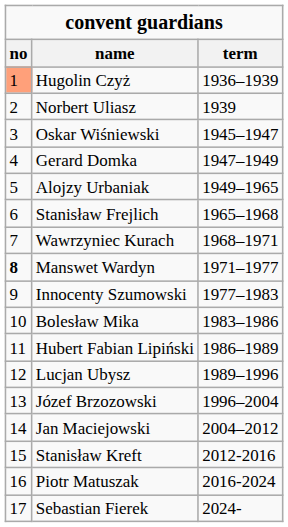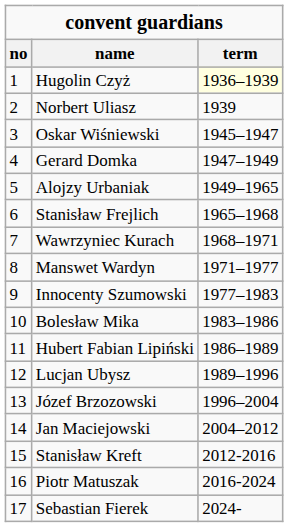 <table class=wikitable style="text-align:left; font-size:11px; float:left; margin:5px">
 <tr style="font-size: small;">
 <td colspan="12" style="text-align:center;"><strong>convent guardians</strong></td>
 </tr>
 <tr>
 <th>no</th>
 <th>name</th>
 <th>term</th>
 </tr>
 <tr>
-<td style="background: lightsalmon;">1</td>
+<td>1</td>
 <td>Hugolin Czyż</td>
-<td>1936–1939</td>
+<td style="background: lightyellow;">1936–1939</td>
 </tr>
 <tr>
 <td>2</td>
 <td>Norbert Uliasz</td>
 <td>1939</td>
 </tr>
 <tr>
 <td>3</td>
 <td>Oskar Wiśniewski</td>
 <td>1945–1947</td>
 </tr>
 <tr>
 <td>4</td>
 <td>Gerard Domka</td>
 <td>1947–1949</td>
 </tr>
 <tr>
 <td>5</td>
 <td>Alojzy Urbaniak</td>
 <td>1949–1965</td>
 </tr>
 <tr>
 <td>6</td>
 <td>Stanisław Frejlich</td>
 <td>1965–1968</td>
 </tr>
 <tr>
 <td>7</td>
 <td>Wawrzyniec Kurach</td>
 <td>1968–1971</td>
 </tr>
 <tr>
-<td><strong>8</strong></td>
+<td>8</td>
 <td>Manswet Wardyn</td>
 <td>1971–1977</td>
 </tr>
 <tr>
 <td>9</td>
 <td>Innocenty Szumowski</td>
 <td>1977–1983</td>
 </tr>
 <tr>
 <td>10</td>
 <td>Bolesław Mika</td>
 <td>1983–1986</td>
 </tr>
 <tr>
 <td>11</td>
 <td>Hubert Fabian Lipiński</td>
 <td>1986–1989</td>
 </tr>
 <tr>
 <td>12</td>
 <td>Lucjan Ubysz</td>
 <td>1989–1996</td>
 </tr>
 <tr>
 <td>13</td>
 <td>Józef Brzozowski</td>
 <td>1996–2004</td>
 </tr>
 <tr>
 <td>14</td>
 <td>Jan Maciejowski</td>
 <td>2004–2012</td>
 </tr>
 <tr>
 <td>15</td>
 <td>Stanisław Kreft</td>
 <td>2012-2016</td>
 </tr>
 <tr>
 <td>16</td>
 <td>Piotr Matuszak</td>
 <td>2016-2024</td>
 </tr>
 <tr>
 <td>17</td>
 <td>Sebastian Fierek</td>
 <td>2024-</td>
 </tr>
 </table>
